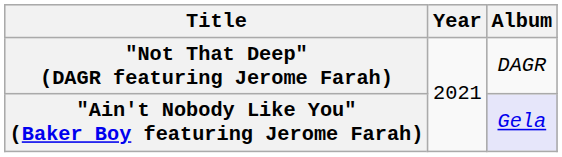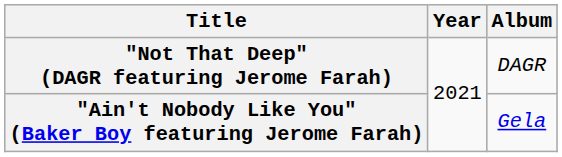 <table class="wikitable plainrowheaders" style="text-align:center;">
 <tr>
 <th>Title</th>
 <th>Year</th>
 <th>Album</th>
 </tr>
 <tr>
 <th scope="row">"Not That Deep"<br> (DAGR featuring Jerome Farah)</th>
 <td rowspan="2">2021</td>
 <td><em>DAGR</em></td>
 </tr>
 <tr>
 <th scope="row">"Ain't Nobody Like You"<br> (<a href='#'>Baker Boy</a> featuring Jerome Farah)</th>
-<td style="background: lavender;"><em><a href='#'>Gela</a></em></td>
+<td><em><a href='#'>Gela</a></em></td>
 </tr>
 </table>
